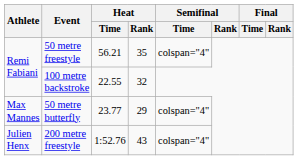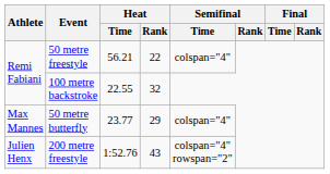 <table class="wikitable" style="text-align:center; font-size:90%; width:50%;">
 <tr>
 <th rowspan="2">Athlete</th>
 <th rowspan="2">Event</th>
 <th colspan="2">Heat</th>
 <th colspan="2">Semifinal</th>
 <th colspan="2">Final</th>
 </tr>
 <tr style="font-size:95%">
 <th>Time</th>
 <th>Rank</th>
 <th>Time</th>
 <th>Rank</th>
 <th>Time</th>
 <th>Rank</th>
 </tr>
 <tr align=center>
 <td align=left rowspan="2"><a href='#'>Remi Fabiani</a></td>
 <td align=left><a href='#'>50 metre freestyle</a></td>
 <td>56.21</td>
-<td>35</td>
+<td>22</td>
 <td>colspan="4" </td>
 </tr>
 <tr align=center>
 <td align=left><a href='#'>100 metre backstroke</a></td>
 <td>22.55</td>
 <td>32</td>
 </tr>
 <tr align=center>
 <td align=left><a href='#'>Max Mannes</a></td>
 <td align=left><a href='#'>50 metre butterfly</a></td>
 <td>23.77</td>
 <td>29</td>
 <td>colspan="4" </td>
 </tr>
 <tr align=center>
 <td align=left><a href='#'>Julien Henx</a></td>
 <td align=left><a href='#'>200 metre freestyle</a></td>
 <td>1:52.76</td>
 <td>43</td>
-<td>colspan="4" </td>
+<td>colspan="4" rowspan="2" </td>
 </tr>
 </table>
